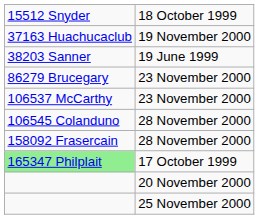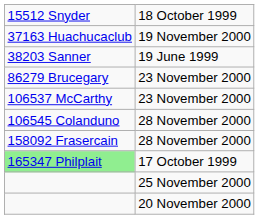 <table class="wikitable floatright" style="font-size: 0.9em;">
 <tr>
 <td><a href='#'>15512 Snyder</a></td>
 <td>18 October 1999</td>
 </tr>
 <tr>
 <td><a href='#'>37163 Huachucaclub</a></td>
 <td>19 November 2000</td>
 </tr>
 <tr>
 <td><a href='#'>38203 Sanner</a></td>
 <td>19 June 1999</td>
 </tr>
 <tr>
 <td><a href='#'>86279 Brucegary</a></td>
 <td>23 November 2000</td>
 </tr>
 <tr>
 <td><a href='#'>106537 McCarthy</a></td>
 <td>23 November 2000</td>
 </tr>
 <tr>
 <td><a href='#'>106545 Colanduno</a></td>
 <td>28 November 2000</td>
 </tr>
 <tr>
 <td><a href='#'>158092 Frasercain</a></td>
 <td>28 November 2000</td>
 </tr>
 <tr>
 <td style="background: lightgreen;"><a href='#'>165347 Philplait</a></td>
 <td>17 October 1999</td>
 </tr>
 <tr>
 <td></td>
-<td>20 November 2000</td>
+<td>25 November 2000</td>
 </tr>
 <tr>
 <td></td>
-<td>25 November 2000</td>
+<td>20 November 2000</td>
 </tr>
 </table>
